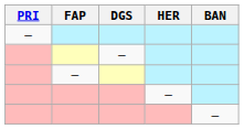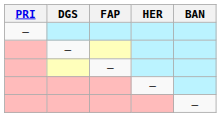 <table class="wikitable" style="text-align:center" width=250>
 <tr>
 <th width=40><a href='#'>PRI</a></th>
+<th width=40>DGS</th>
 <th width=40>FAP</th>
-<th width=40>DGS</th>
 <th width=40>HER</th>
 <th width=40>BAN</th>
 </tr>
 <tr>
 <td>—</td>
 <td style="background:#bbf3ff;"></td>
 <td style="background:#bbf3ff;"></td>
 <td style="background:#bbf3ff;"></td>
 <td style="background:#bbf3ff;"></td>
 </tr>
 <tr>
 <td style="background:#ffbbbb;"></td>
+<td>—</td>
 <td style="background:#ffffbb;"></td>
-<td>—</td>
 <td style="background:#bbf3ff;"></td>
 <td style="background:#bbf3ff;"></td>
 </tr>
 <tr>
 <td style="background:#ffbbbb;"></td>
+<td style="background:#ffffbb;"></td>
 <td>—</td>
-<td style="background:#ffffbb;"></td>
 <td style="background:#bbf3ff;"></td>
 <td style="background:#bbf3ff;"></td>
 </tr>
 <tr>
 <td style="background:#ffbbbb;"></td>
 <td style="background:#ffbbbb;"></td>
 <td style="background:#ffbbbb;"></td>
 <td>—</td>
 <td style="background:#bbf3ff;"></td>
 </tr>
 <tr>
 <td style="background:#ffbbbb;"></td>
 <td style="background:#ffbbbb;"></td>
 <td style="background:#ffbbbb;"></td>
 <td style="background:#ffbbbb;"></td>
 <td>—</td>
 </tr>
 </table>
